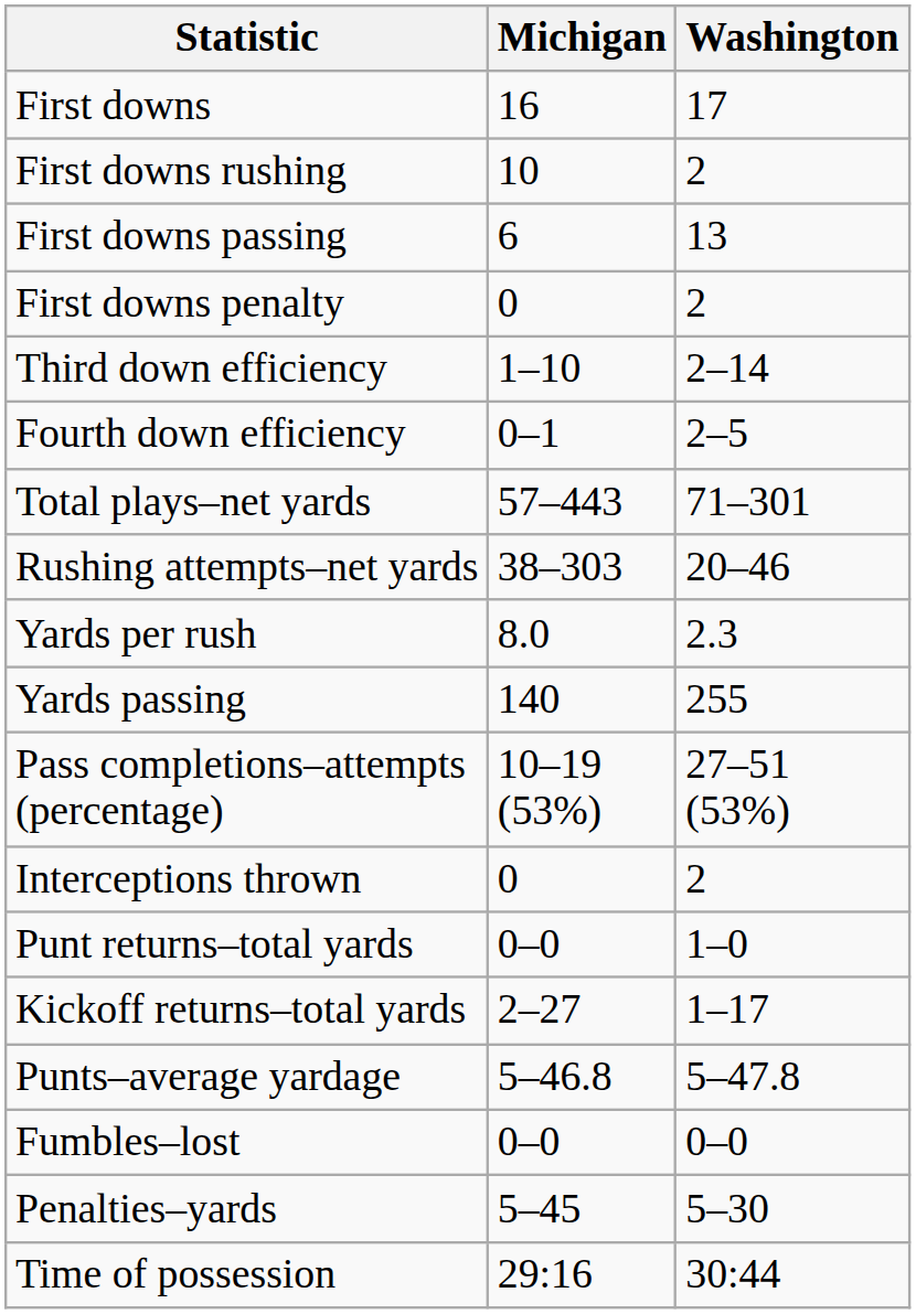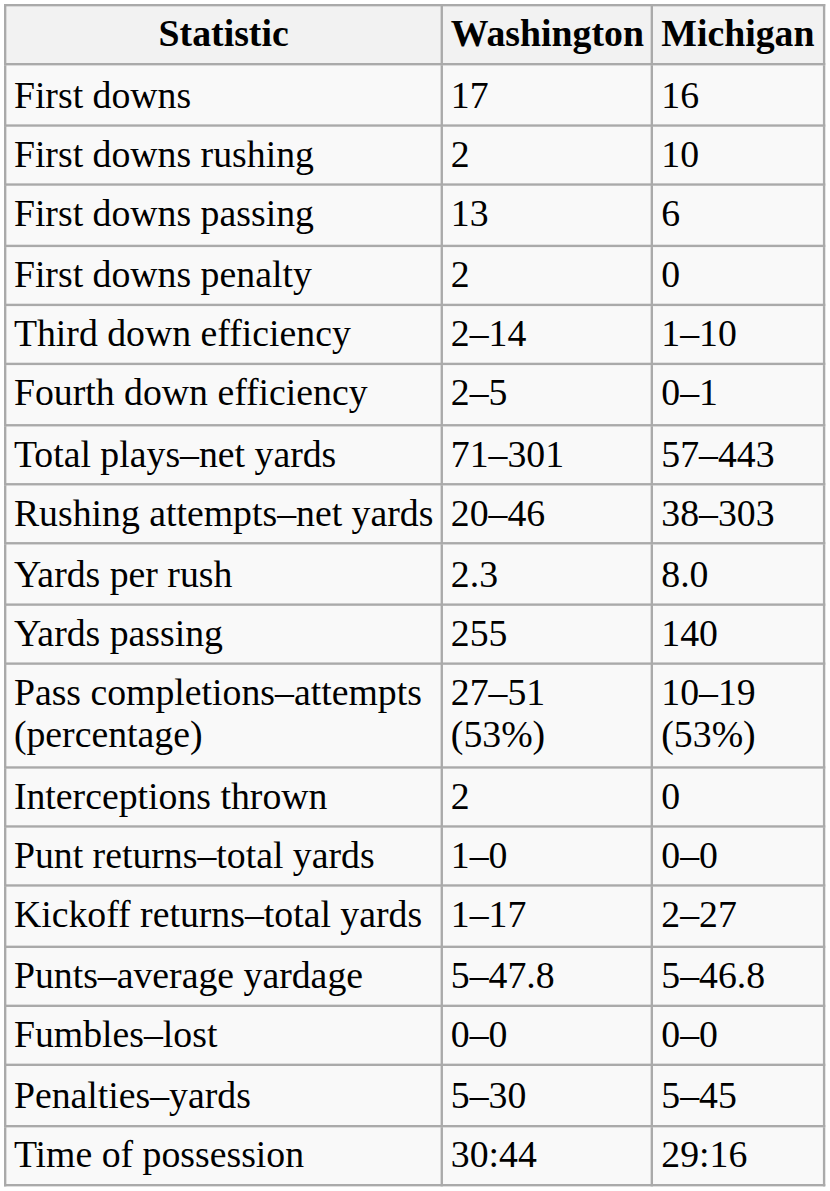 <table class="wikitable">
 <tr>
 <th>Statistic</th>
+<th>Washington</th>
 <th>Michigan</th>
-<th>Washington</th>
 </tr>
 <tr>
 <td>First downs</td>
+<td>17</td>
 <td>16</td>
-<td>17</td>
 </tr>
 <tr>
 <td>First downs rushing</td>
+<td>2</td>
 <td>10</td>
-<td>2</td>
 </tr>
 <tr>
 <td>First downs passing</td>
+<td>13</td>
 <td>6</td>
-<td>13</td>
 </tr>
 <tr>
 <td>First downs penalty</td>
+<td>2</td>
 <td>0</td>
-<td>2</td>
 </tr>
 <tr>
 <td>Third down efficiency</td>
+<td>2–14</td>
 <td>1–10</td>
-<td>2–14</td>
 </tr>
 <tr>
 <td>Fourth down efficiency</td>
+<td>2–5</td>
 <td>0–1</td>
-<td>2–5</td>
 </tr>
 <tr>
 <td>Total plays–net yards</td>
+<td>71–301</td>
 <td>57–443</td>
-<td>71–301</td>
 </tr>
 <tr>
 <td>Rushing attempts–net yards</td>
+<td>20–46</td>
 <td>38–303</td>
-<td>20–46</td>
 </tr>
 <tr>
 <td>Yards per rush</td>
+<td>2.3</td>
 <td>8.0</td>
-<td>2.3</td>
 </tr>
 <tr>
 <td>Yards passing</td>
+<td>255</td>
 <td>140</td>
-<td>255</td>
 </tr>
 <tr>
 <td>Pass completions–attempts<br>(percentage)</td>
+<td>27–51<br>(53%)</td>
 <td>10–19<br>(53%)</td>
-<td>27–51<br>(53%)</td>
 </tr>
 <tr>
 <td>Interceptions thrown</td>
+<td>2</td>
 <td>0</td>
-<td>2</td>
 </tr>
 <tr>
 <td>Punt returns–total yards</td>
+<td>1–0</td>
 <td>0–0</td>
-<td>1–0</td>
 </tr>
 <tr>
 <td>Kickoff returns–total yards</td>
+<td>1–17</td>
 <td>2–27</td>
-<td>1–17</td>
 </tr>
 <tr>
 <td>Punts–average yardage</td>
+<td>5–47.8</td>
 <td>5–46.8</td>
-<td>5–47.8</td>
 </tr>
 <tr>
 <td>Fumbles–lost</td>
 <td>0–0</td>
 <td>0–0</td>
 </tr>
 <tr>
 <td>Penalties–yards</td>
+<td>5–30</td>
 <td>5–45</td>
-<td>5–30</td>
 </tr>
 <tr>
 <td>Time of possession</td>
+<td>30:44</td>
 <td>29:16</td>
-<td>30:44</td>
 </tr>
 </table>
